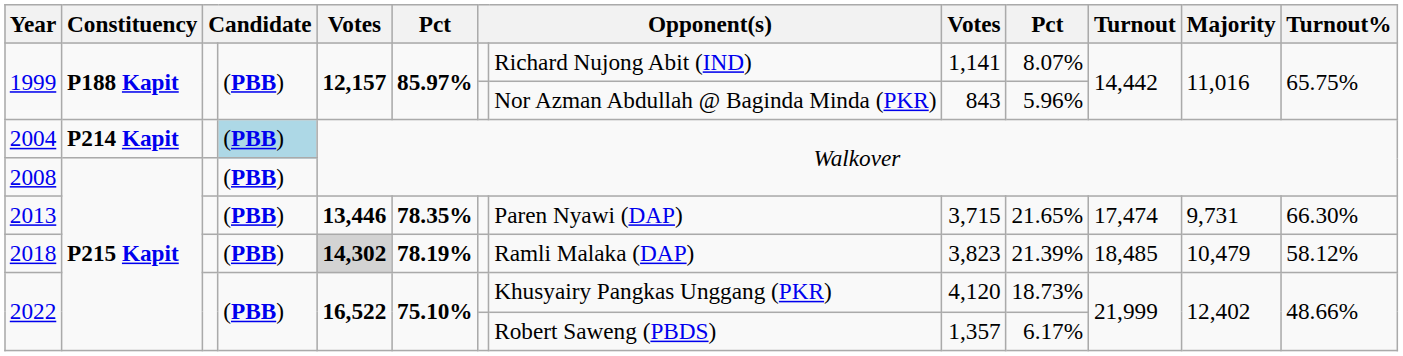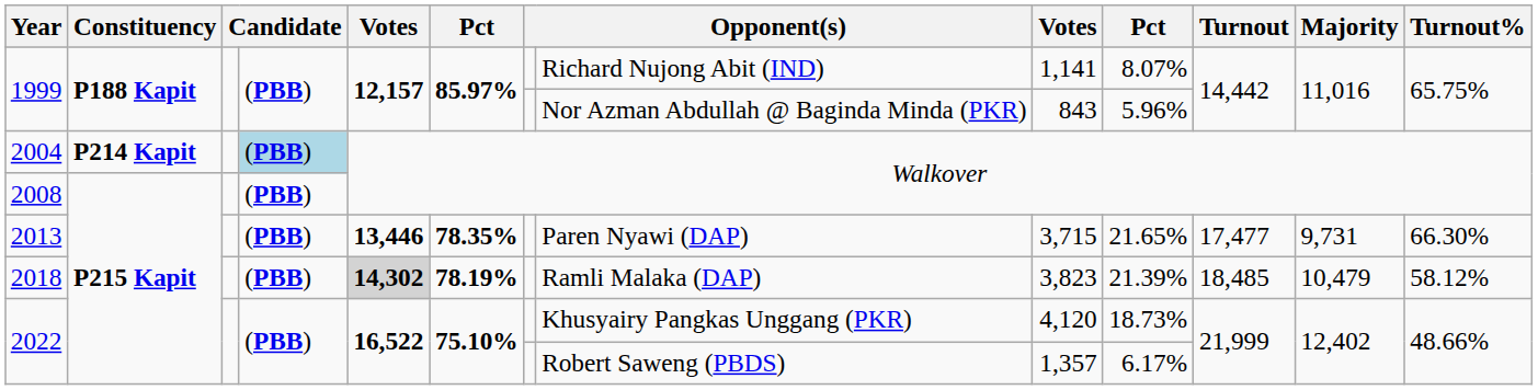 <table class="wikitable" style="margin:0.5em ; font-size:95%">
 <tr>
 <th>Year</th>
 <th>Constituency</th>
 <th colspan=2>Candidate</th>
 <th>Votes</th>
 <th>Pct</th>
 <th colspan=2>Opponent(s)</th>
 <th>Votes</th>
 <th>Pct</th>
 <th>Turnout</th>
 <th>Majority</th>
 <th>Turnout%</th>
 </tr>
 <tr>
 <td rowspan="2"><a href='#'>1999</a></td>
 <td rowspan=2><strong>P188 <a href='#'>Kapit</a></strong></td>
 <td rowspan="2" ></td>
 <td rowspan="2"> (<a href='#'><strong>PBB</strong></a>)</td>
 <td rowspan="2" align="right"><strong>12,157</strong></td>
 <td rowspan="2" align="right"><strong>85.97%</strong></td>
 <td></td>
 <td>Richard Nujong Abit (<a href='#'>IND</a>)</td>
 <td align="right">1,141</td>
 <td align="right">8.07%</td>
 <td rowspan="2">14,442</td>
 <td rowspan="2">11,016</td>
 <td rowspan="2">65.75%</td>
 </tr>
 <tr>
 <td></td>
 <td>Nor Azman Abdullah @ Baginda Minda (<a href='#'>PKR</a>)</td>
 <td align="right">843</td>
 <td align="right">5.96%</td>
 </tr>
 <tr>
 <td><a href='#'>2004</a></td>
 <td><strong>P214 <a href='#'>Kapit</a></strong></td>
 <td></td>
 <td style="background: lightblue;"> (<a href='#'><strong>PBB</strong></a>)</td>
 <td colspan="9" rowspan="2" align="middle"><em>Walkover</em></td>
 </tr>
 <tr>
 <td><a href='#'>2008</a></td>
 <td rowspan=5><strong>P215 <a href='#'>Kapit</a></strong></td>
 <td></td>
 <td> (<a href='#'><strong>PBB</strong></a>)</td>
 </tr>
 <tr>
 <td><a href='#'>2013</a></td>
 <td></td>
 <td> (<a href='#'><strong>PBB</strong></a>)</td>
 <td align="right"><strong>13,446</strong></td>
 <td align="right"><strong>78.35%</strong></td>
 <td></td>
 <td>Paren Nyawi (<a href='#'>DAP</a>)</td>
 <td align="right">3,715</td>
 <td align="right">21.65%</td>
-<td>17,474</td>
+<td>17,477</td>
 <td>9,731</td>
 <td>66.30%</td>
 </tr>
 <tr>
 <td><a href='#'>2018</a></td>
 <td></td>
 <td> (<a href='#'><strong>PBB</strong></a>)</td>
 <td align="right" style="background: lightgrey;"><strong>14,302</strong></td>
 <td align="right"><strong>78.19%</strong></td>
 <td></td>
 <td>Ramli Malaka (<a href='#'>DAP</a>)</td>
 <td align="right">3,823</td>
 <td align="right">21.39%</td>
 <td>18,485</td>
 <td>10,479</td>
 <td>58.12%</td>
 </tr>
 <tr>
 <td rowspan="2"><a href='#'>2022</a></td>
 <td rowspan="2" ></td>
 <td rowspan="2"> (<a href='#'><strong>PBB</strong></a>)</td>
 <td rowspan="2" align="right"><strong>16,522</strong></td>
 <td rowspan="2" align="right"><strong>75.10%</strong></td>
 <td></td>
 <td>Khusyairy Pangkas Unggang (<a href='#'>PKR</a>)</td>
 <td align="right">4,120</td>
 <td align="right">18.73%</td>
 <td rowspan="2">21,999</td>
 <td rowspan="2">12,402</td>
 <td rowspan="2">48.66%</td>
 </tr>
 <tr>
 <td></td>
 <td>Robert Saweng (<a href='#'>PBDS</a>)</td>
 <td align="right">1,357</td>
 <td align="right">6.17%</td>
 </tr>
 </table>
